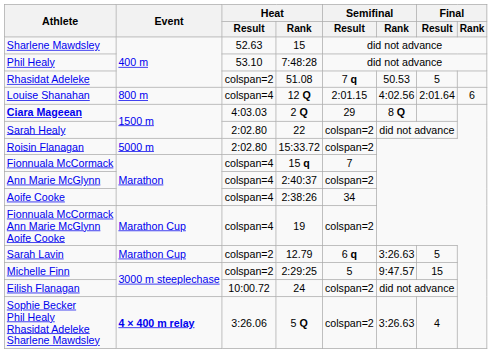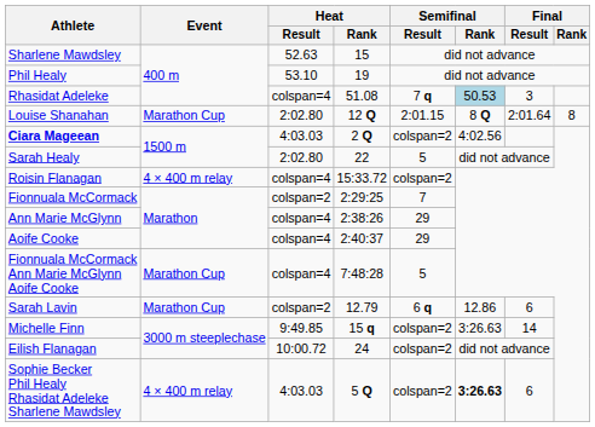 <table class="wikitable" style="font-size:90%">
 <tr>
 <th rowspan="2">Athlete</th>
 <th rowspan="2">Event</th>
 <th colspan="2">Heat</th>
 <th colspan="2">Semifinal</th>
 <th colspan="2">Final</th>
 </tr>
 <tr style="font-size:95%">
 <th>Result</th>
 <th>Rank</th>
 <th>Result</th>
 <th>Rank</th>
 <th>Result</th>
 <th>Rank</th>
 </tr>
 <tr align=center>
 <td align=left><a href='#'>Sharlene Mawdsley</a></td>
 <td align=left rowspan=3><a href='#'>400 m</a></td>
 <td>52.63</td>
 <td>15</td>
 <td colspan=4>did not advance</td>
 </tr>
 <tr align=center>
 <td align=left><a href='#'>Phil Healy</a></td>
 <td>53.10</td>
-<td>7:48:28</td>
+<td>19</td>
 <td colspan=4>did not advance</td>
 </tr>
 <tr align=center>
 <td align=left><a href='#'>Rhasidat Adeleke</a></td>
-<td>colspan=2 </td>
+<td>colspan=4 </td>
 <td>51.08</td>
 <td>7 <strong>q</strong></td>
-<td>50.53  <strong></strong></td>
-<td>5</td>
+<td style="background: lightblue;">50.53  <strong></strong></td>
+<td>3</td>
 </tr>
 <tr align=center>
 <td align=left><a href='#'>Louise Shanahan</a></td>
-<td align=left><a href='#'>800 m</a></td>
-<td>colspan=4 </td>
+<td align=left><a href='#'>Marathon Cup</a></td>
+<td>2:02.80</td>
 <td>12 <strong>Q</strong></td>
 <td>2:01.15</td>
-<td>4:02.56  <strong></strong></td>
+<td>8 <strong>Q</strong></td>
 <td>2:01.64</td>
-<td>6</td>
+<td>8</td>
 </tr>
 <tr align=center>
 <td align=left><strong><a href='#'>Ciara Mageean</a></strong></td>
 <td align=left rowspan=2><a href='#'>1500 m</a></td>
 <td>4:03.03 <strong></strong></td>
 <td>2 <strong>Q</strong></td>
-<td>29</td>
-<td>8 <strong>Q</strong></td>
+<td>colspan=2 </td>
+<td>4:02.56  <strong></strong></td>
 <td></td>
 </tr>
 <tr align=center>
 <td align=left><a href='#'>Sarah Healy</a></td>
 <td>2:02.80</td>
 <td>22</td>
-<td>colspan=2 </td>
+<td>5</td>
 <td colspan=2>did not advance</td>
 </tr>
 <tr align=center>
 <td align=left><a href='#'>Roisin Flanagan</a></td>
-<td align=left><a href='#'>5000 m</a></td>
-<td>2:02.80</td>
+<td align=left><a href='#'>4 × 400 m relay</a></td>
+<td>colspan=4 </td>
 <td>15:33.72</td>
 <td>colspan=2 </td>
 </tr>
 <tr align=center>
 <td align=left><a href='#'>Fionnuala McCormack</a></td>
 <td align=left rowspan=3><a href='#'>Marathon</a></td>
-<td>colspan=4 </td>
-<td>15 <strong>q</strong></td>
+<td>colspan=2 </td>
+<td>2:29:25  <strong></strong></td>
 <td>7</td>
 </tr>
 <tr align=center>
 <td align=left><a href='#'>Ann Marie McGlynn</a></td>
 <td>colspan=4 </td>
-<td>2:40:37  <strong></strong></td>
-<td>colspan=2 </td>
+<td>2:38:26  <strong></strong></td>
+<td>29</td>
 </tr>
 <tr align=center>
 <td align=left><a href='#'>Aoife Cooke</a></td>
 <td>colspan=4 </td>
-<td>2:38:26  <strong></strong></td>
-<td>34</td>
+<td>2:40:37  <strong></strong></td>
+<td>29</td>
 </tr>
 <tr align=center>
 <td align=left><a href='#'>Fionnuala McCormack</a><br><a href='#'>Ann Marie McGlynn</a><br><a href='#'>Aoife Cooke</a></td>
 <td align=left><a href='#'>Marathon Cup</a></td>
 <td>colspan=4 </td>
-<td>19</td>
-<td>colspan=2 </td>
+<td>7:48:28</td>
+<td>5</td>
 </tr>
 <tr align=center>
 <td align=left><a href='#'>Sarah Lavin</a></td>
 <td align=left><a href='#'>Marathon Cup</a></td>
 <td>colspan=2 </td>
 <td>12.79 <strong></strong></td>
 <td>6 <strong>q</strong></td>
-<td>3:26.63</td>
-<td>5</td>
+<td>12.86</td>
+<td>6</td>
 </tr>
 <tr align=center>
 <td align=left><a href='#'>Michelle Finn</a></td>
 <td align=left rowspan=2><a href='#'>3000 m steeplechase</a></td>
+<td>9:49.85</td>
+<td>15 <strong>q</strong></td>
 <td>colspan=2 </td>
-<td>2:29:25  <strong></strong></td>
-<td>5</td>
-<td>9:47.57</td>
-<td>15</td>
+<td>3:26.63</td>
+<td>14</td>
 </tr>
 <tr align=center>
 <td align=left><a href='#'>Eilish Flanagan</a></td>
 <td>10:00.72</td>
 <td>24</td>
 <td>colspan=2 </td>
 <td colspan=2>did not advance</td>
 </tr>
 <tr align=center>
 <td align=left><a href='#'>Sophie Becker</a> <br> <a href='#'>Phil Healy</a><br> <a href='#'>Rhasidat Adeleke</a><br> <a href='#'>Sharlene Mawdsley</a></td>
-<td align=left><strong><a href='#'>4 × 400 m relay</a></strong></td>
-<td>3:26.06  <strong></strong></td>
+<td align=left><a href='#'>4 × 400 m relay</a></td>
+<td>4:03.03 <strong></strong></td>
 <td>5 <strong>Q</strong></td>
 <td>colspan=2 </td>
-<td>3:26.63</td>
-<td>4</td>
+<td><strong>3:26.63</strong></td>
+<td>6</td>
 </tr>
 </table>
